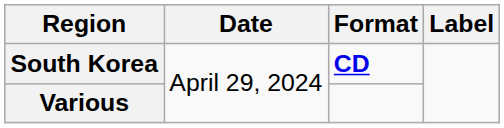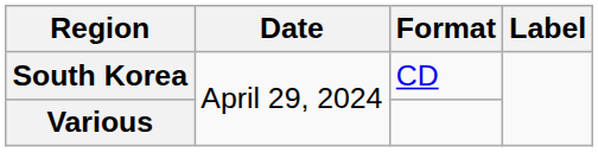 <table class="wikitable plainrowheaders">
 <tr>
 <th scope="col">Region</th>
 <th scope="col">Date</th>
 <th scope="col">Format</th>
 <th scope="col">Label</th>
 </tr>
 <tr>
 <th scope="row">South Korea</th>
 <td rowspan="2">April 29, 2024</td>
-<td><strong><a href='#'>CD</a></strong></td>
+<td><a href='#'>CD</a></td>
 <td rowspan="2"></td>
 </tr>
 <tr>
 <th scope="row">Various </th>
 <td></td>
 </tr>
 </table>
